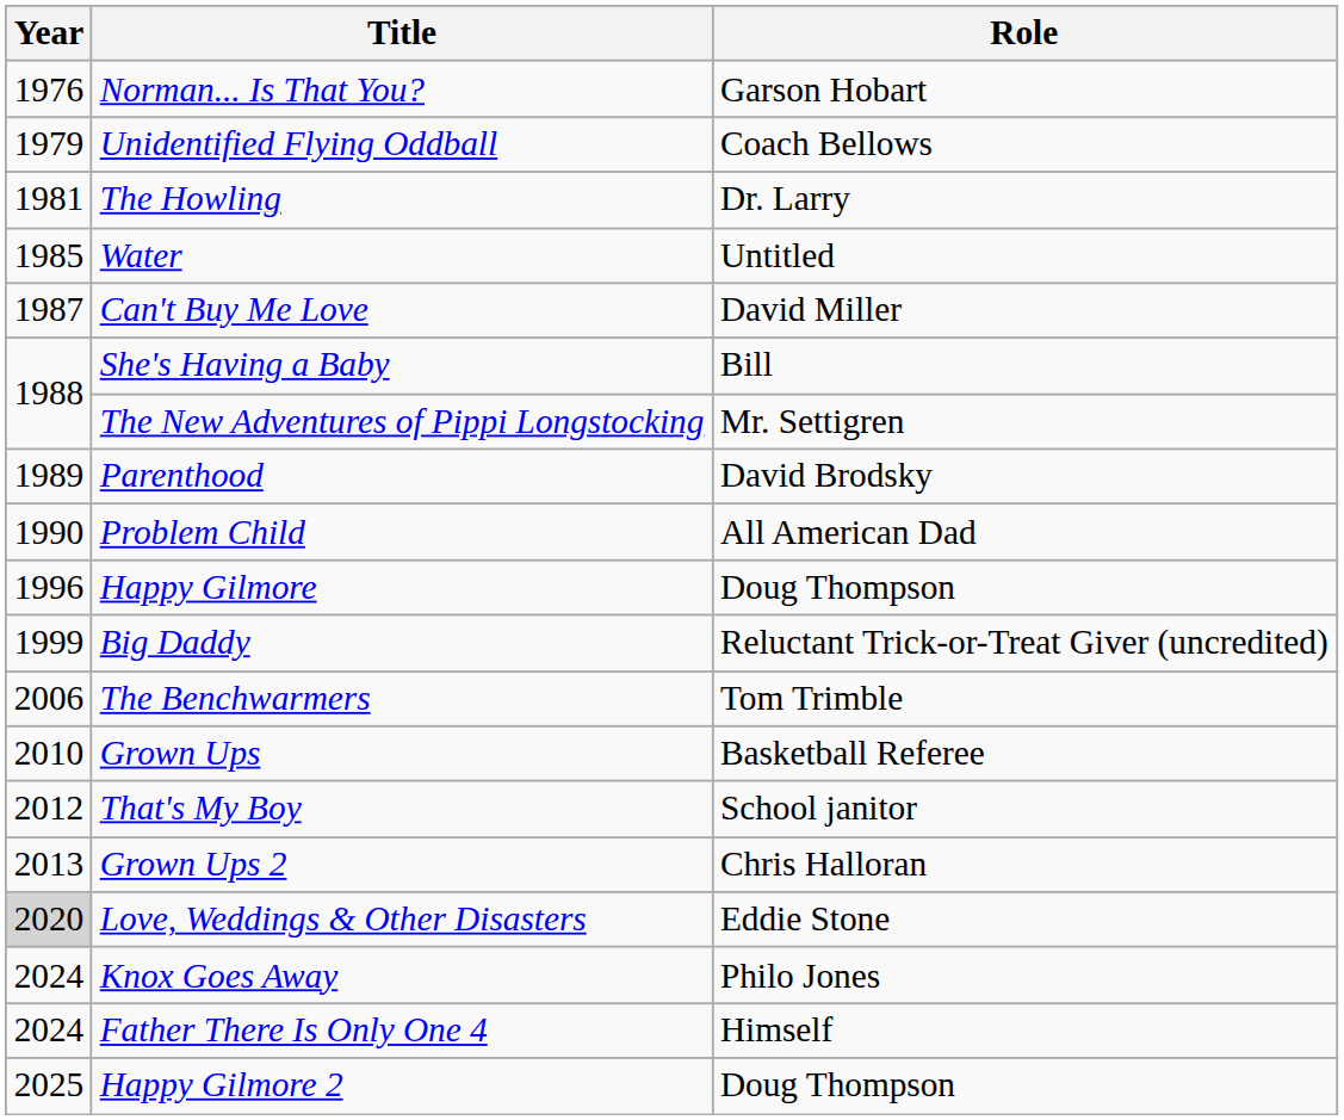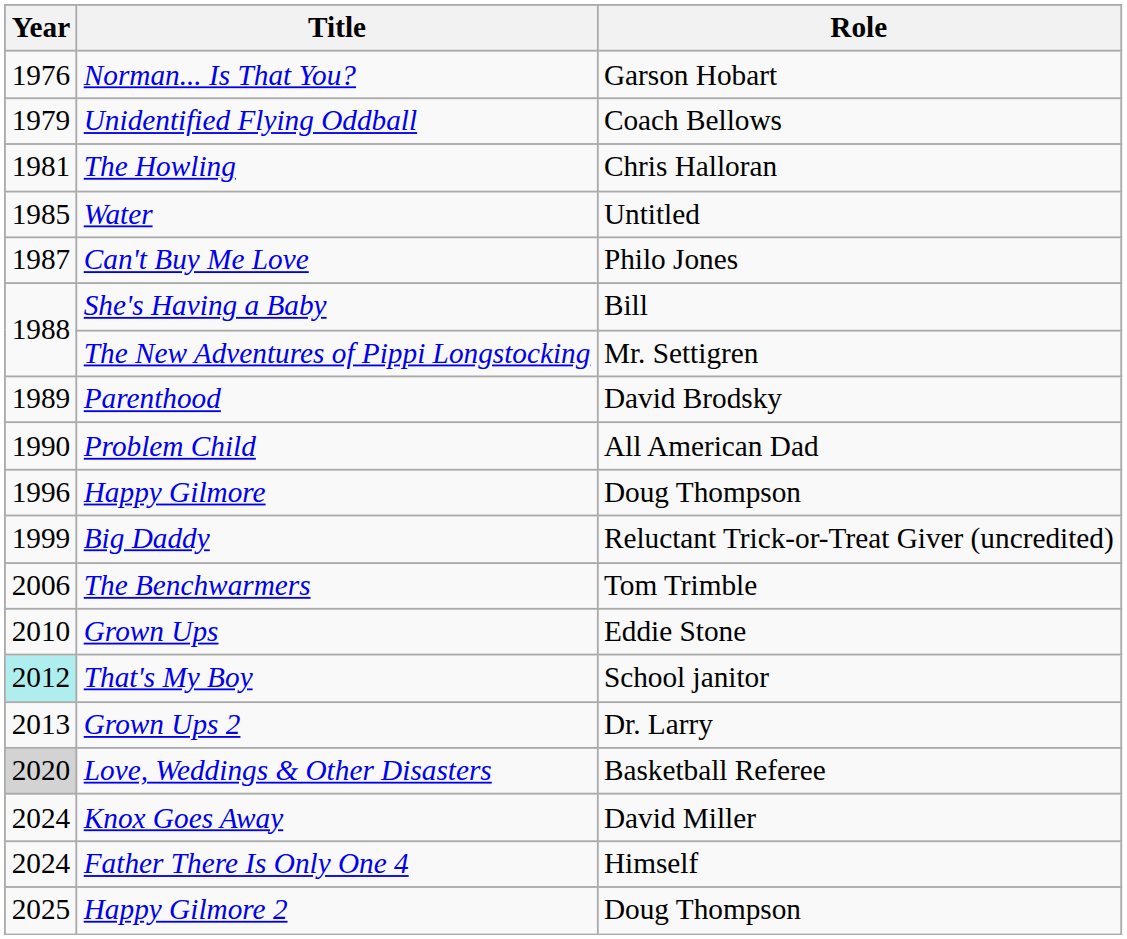 <table class="wikitable">
 <tr>
 <th>Year</th>
 <th>Title</th>
 <th>Role</th>
 </tr>
 <tr>
 <td>1976</td>
 <td><em><a href='#'>Norman... Is That You?</a></em></td>
 <td>Garson Hobart</td>
 </tr>
 <tr>
 <td>1979</td>
 <td><em><a href='#'>Unidentified Flying Oddball</a></em></td>
 <td>Coach Bellows</td>
 </tr>
 <tr>
 <td>1981</td>
 <td><em><a href='#'>The Howling</a></em></td>
-<td>Dr. Larry</td>
+<td>Chris Halloran</td>
 </tr>
 <tr>
 <td>1985</td>
 <td><em><a href='#'>Water</a></em></td>
 <td>Untitled</td>
 </tr>
 <tr>
 <td>1987</td>
 <td><em><a href='#'>Can't Buy Me Love</a></em></td>
-<td>David Miller</td>
+<td>Philo Jones</td>
 </tr>
 <tr>
 <td rowspan=2>1988</td>
 <td><em><a href='#'>She's Having a Baby</a></em></td>
 <td>Bill</td>
 </tr>
 <tr>
 <td><em><a href='#'>The New Adventures of Pippi Longstocking</a></em></td>
 <td>Mr. Settigren</td>
 </tr>
 <tr>
 <td>1989</td>
 <td><em><a href='#'>Parenthood</a></em></td>
 <td>David Brodsky</td>
 </tr>
 <tr>
 <td>1990</td>
 <td><em><a href='#'>Problem Child</a></em></td>
 <td>All American Dad</td>
 </tr>
 <tr>
 <td>1996</td>
 <td><em><a href='#'>Happy Gilmore</a></em></td>
 <td>Doug Thompson</td>
 </tr>
 <tr>
 <td>1999</td>
 <td><em><a href='#'>Big Daddy</a></em></td>
 <td>Reluctant Trick-or-Treat Giver (uncredited)</td>
 </tr>
 <tr>
 <td>2006</td>
 <td><em><a href='#'>The Benchwarmers</a></em></td>
 <td>Tom Trimble</td>
 </tr>
 <tr>
 <td>2010</td>
 <td><em><a href='#'>Grown Ups</a></em></td>
-<td>Basketball Referee</td>
+<td>Eddie Stone</td>
 </tr>
 <tr>
-<td>2012</td>
+<td style="background: paleturquoise;">2012</td>
 <td><em><a href='#'>That's My Boy</a></em></td>
 <td>School janitor</td>
 </tr>
 <tr>
 <td>2013</td>
 <td><em><a href='#'>Grown Ups 2</a></em></td>
-<td>Chris Halloran</td>
+<td>Dr. Larry</td>
 </tr>
 <tr>
 <td style="background: lightgrey;">2020</td>
 <td><em><a href='#'>Love, Weddings & Other Disasters</a></em></td>
-<td>Eddie Stone</td>
+<td>Basketball Referee</td>
 </tr>
 <tr>
 <td>2024</td>
 <td><em><a href='#'>Knox Goes Away</a></em></td>
-<td>Philo Jones</td>
+<td>David Miller</td>
 </tr>
 <tr>
 <td>2024</td>
 <td><em><a href='#'>Father There Is Only One 4</a></em></td>
 <td>Himself</td>
 </tr>
 <tr>
 <td>2025</td>
 <td><em><a href='#'>Happy Gilmore 2</a></em></td>
 <td>Doug Thompson</td>
 </tr>
 </table>
